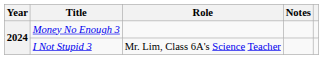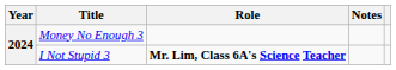 <table class="wikitable sortable plainrowheaders">
 <tr>
 <th scope="col">Year</th>
 <th scope="col">Title</th>
 <th scope="col">Role</th>
 <th scope="col" class="unsortable">Notes</th>
 <th scope="col" class="unsortable"></th>
 </tr>
 <tr>
 <th rowspan="2">2024</th>
 <td><em><a href='#'>Money No Enough 3</a></em></td>
 <td></td>
 <td></td>
 <td></td>
 </tr>
 <tr>
 <td><em><a href='#'>I Not Stupid 3</a></em></td>
-<td>Mr. Lim, Class 6A's <a href='#'>Science</a> <a href='#'>Teacher</a></td>
+<td><strong>Mr. Lim, Class 6A's <a href='#'>Science</a> <a href='#'>Teacher</a></strong></td>
 <td></td>
 <td></td>
 </tr>
 </table>
